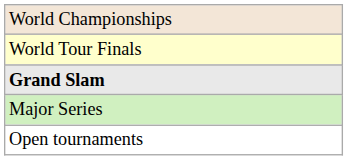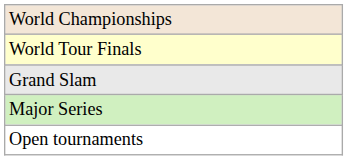 <table class=wikitable style=font-size:85%;width:20%>
 <tr bgcolor=#F3E6D7>
 <td>World Championships</td>
 </tr>
 <tr bgcolor=#ffffcc>
 <td>World Tour Finals</td>
 </tr>
 <tr bgcolor=#E9E9E9>
-<td><strong>Grand Slam</strong></td>
+<td>Grand Slam</td>
 </tr>
 <tr bgcolor=#d0f0c0>
 <td>Major Series</td>
 </tr>
 <tr bgcolor=#ffffff>
 <td>Open tournaments</td>
 </tr>
 </table>
